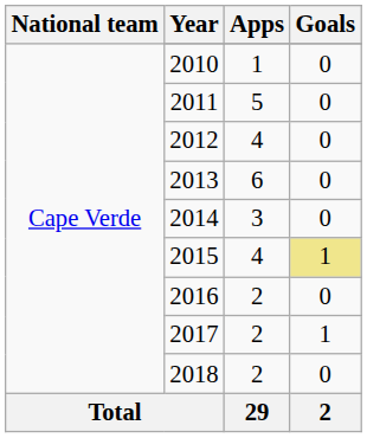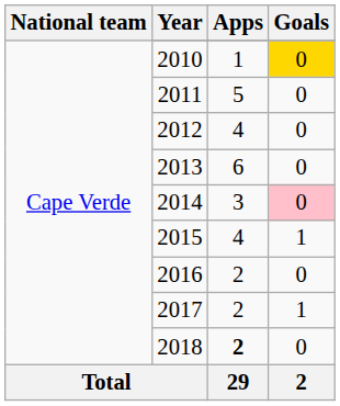 <table class="wikitable" style="text-align:center">
 <tr>
 <th>National team</th>
 <th>Year</th>
 <th>Apps</th>
 <th>Goals</th>
 </tr>
 <tr>
 <td rowspan="10"><a href='#'>Cape Verde</a></td>
 </tr>
 <tr>
 <td>2010</td>
 <td>1</td>
-<td>0</td>
+<td style="background: gold;">0</td>
 </tr>
 <tr>
 <td>2011</td>
 <td>5</td>
 <td>0</td>
 </tr>
 <tr>
 <td>2012</td>
 <td>4</td>
 <td>0</td>
 </tr>
 <tr>
 <td>2013</td>
 <td>6</td>
 <td>0</td>
 </tr>
 <tr>
 <td>2014</td>
 <td>3</td>
-<td>0</td>
+<td style="background: pink;">0</td>
 </tr>
 <tr>
 <td>2015</td>
 <td>4</td>
-<td style="background: khaki;">1</td>
+<td>1</td>
 </tr>
 <tr>
 <td>2016</td>
 <td>2</td>
 <td>0</td>
 </tr>
 <tr>
 <td>2017</td>
 <td>2</td>
 <td>1</td>
 </tr>
 <tr>
 <td>2018</td>
-<td>2</td>
+<td><strong>2</strong></td>
 <td>0</td>
 </tr>
 <tr>
 <th colspan=2>Total</th>
 <th>29</th>
 <th>2</th>
 </tr>
 </table>
